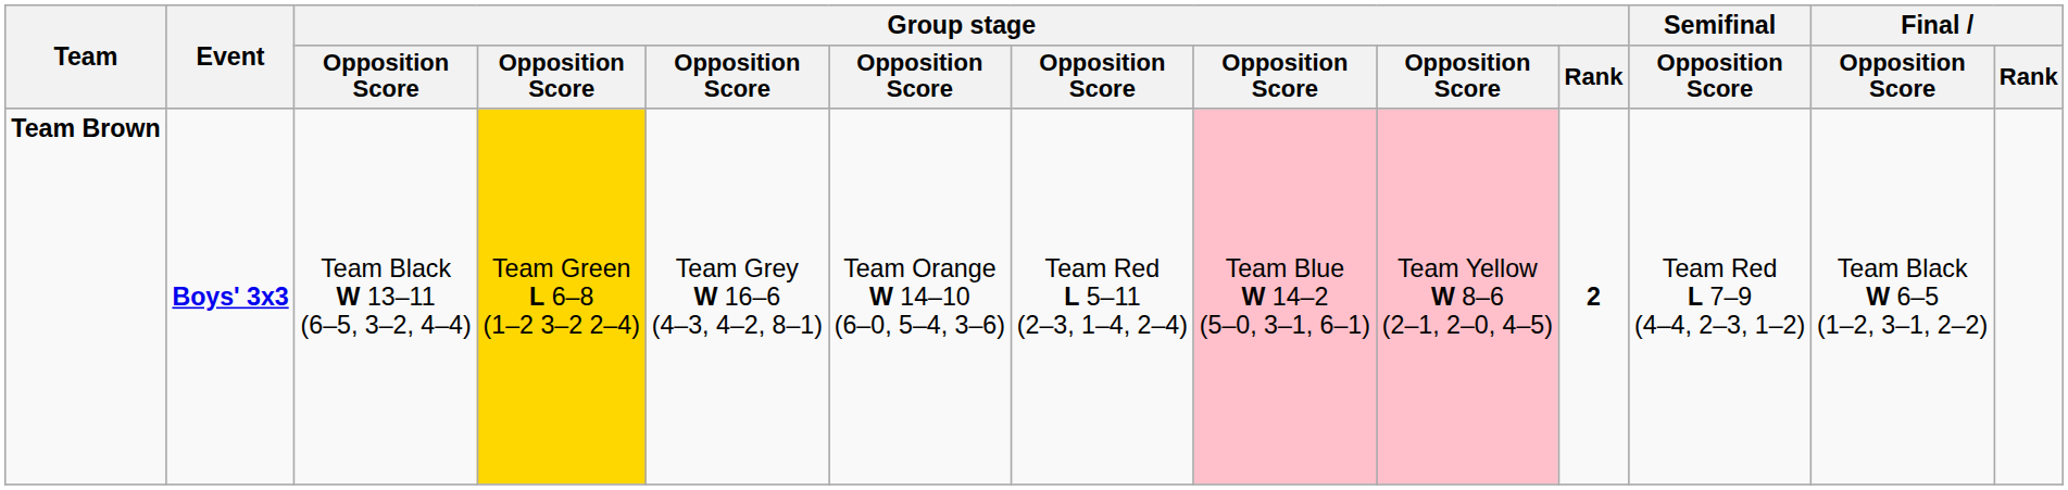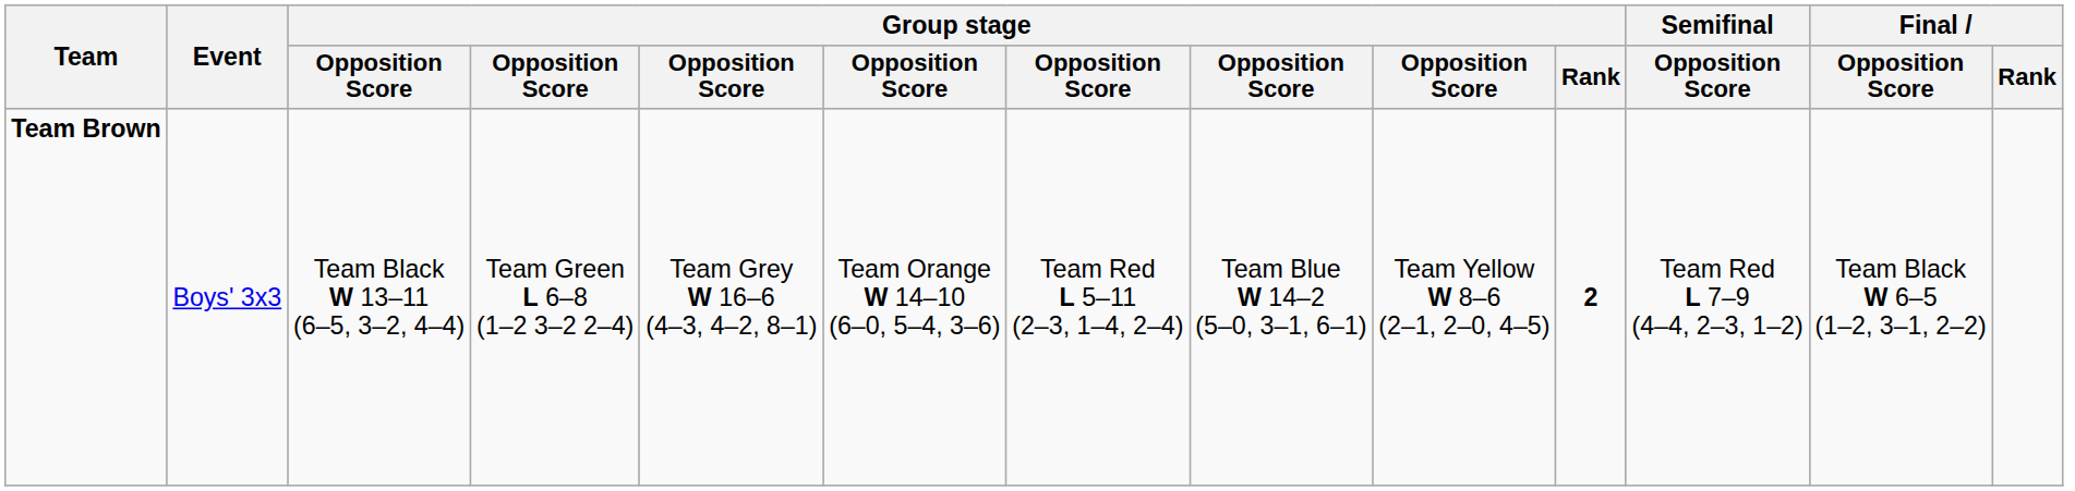 <table class="wikitable" style="font-size:90%">
 <tr>
 <th rowspan=2>Team</th>
 <th rowspan=2>Event</th>
 <th colspan=8>Group stage</th>
 <th>Semifinal</th>
 <th colspan=2>Final / </th>
 </tr>
 <tr style="font-size:95%">
 <th>Opposition<br>Score</th>
 <th>Opposition<br>Score</th>
 <th>Opposition<br>Score</th>
 <th>Opposition<br>Score</th>
 <th>Opposition<br>Score</th>
 <th>Opposition<br>Score</th>
 <th>Opposition<br>Score</th>
 <th>Rank</th>
 <th>Opposition<br>Score</th>
 <th>Opposition<br>Score</th>
 <th>Rank</th>
 </tr>
 <tr align=center>
 <td align=left> <strong>Team Brown</strong><br><br><br><br><br><br><br><br><br><br><br><br><br></td>
-<td align=left><strong><a href='#'>Boys' 3x3</a></strong></td>
+<td align=left><a href='#'>Boys' 3x3</a></td>
 <td> Team Black<br><strong>W</strong> 13–11<br>(6–5, 3–2, 4–4)</td>
-<td style="background: gold;"> Team Green<br><strong>L</strong> 6–8<br>(1–2 3–2 2–4)</td>
+<td> Team Green<br><strong>L</strong> 6–8<br>(1–2 3–2 2–4)</td>
 <td> Team Grey<br><strong>W</strong> 16–6<br>(4–3, 4–2, 8–1)</td>
 <td> Team Orange<br><strong>W</strong> 14–10<br>(6–0, 5–4, 3–6)</td>
 <td> Team Red<br><strong>L</strong> 5–11<br>(2–3, 1–4, 2–4)</td>
-<td style="background: pink;"> Team Blue<br><strong>W</strong> 14–2<br>(5–0, 3–1, 6–1)</td>
-<td style="background: pink;"> Team Yellow<br><strong>W</strong> 8–6<br>(2–1, 2–0, 4–5)</td>
+<td> Team Blue<br><strong>W</strong> 14–2<br>(5–0, 3–1, 6–1)</td>
+<td> Team Yellow<br><strong>W</strong> 8–6<br>(2–1, 2–0, 4–5)</td>
 <td><strong>2</strong></td>
 <td> Team Red<br><strong>L</strong> 7–9<br>(4–4, 2–3, 1–2)</td>
 <td> Team Black<br><strong>W</strong> 6–5<br>(1–2, 3–1, 2–2)</td>
 <td></td>
 </tr>
 </table>
